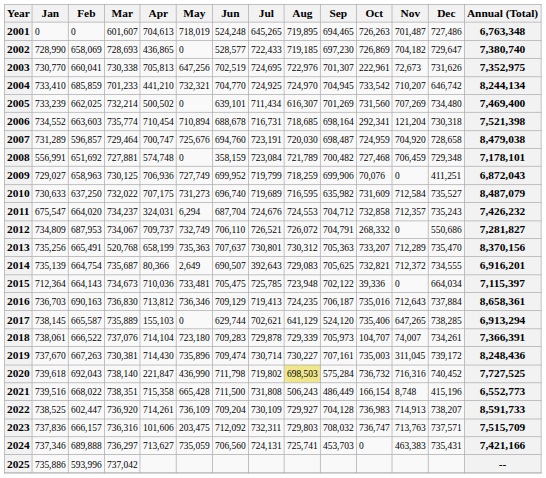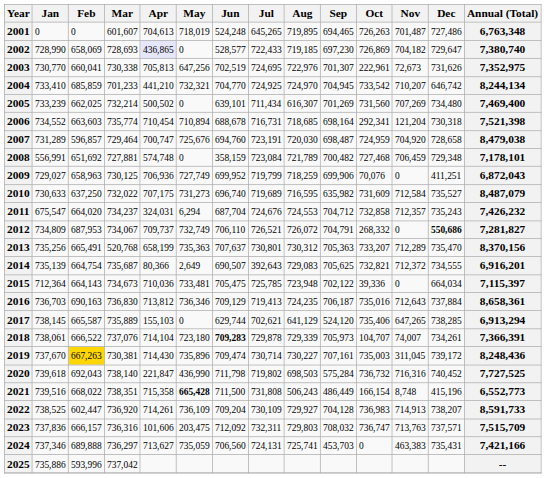 <table class="wikitable">
 <tr>
 <th>Year</th>
 <th>Jan</th>
 <th>Feb</th>
 <th>Mar</th>
 <th>Apr</th>
 <th>May</th>
 <th>Jun</th>
 <th>Jul</th>
 <th>Aug</th>
 <th>Sep</th>
 <th>Oct</th>
 <th>Nov</th>
 <th>Dec</th>
 <th>Annual (Total)</th>
 </tr>
 <tr>
 <th>2001</th>
 <td><small>0</small></td>
 <td><small>0</small></td>
 <td><small>601,607</small></td>
 <td><small>704,613</small></td>
 <td><small>718,019</small></td>
 <td><small>524,248</small></td>
 <td><small>645,265</small></td>
 <td><small>719,895</small></td>
 <td><small>694,465</small></td>
 <td><small>726,263</small></td>
 <td><small>701,487</small></td>
 <td><small>727,486</small></td>
 <th>6,763,348</th>
 </tr>
 <tr>
 <th>2002</th>
 <td><small>728,990</small></td>
 <td><small>658,069</small></td>
 <td><small>728,693</small></td>
-<td><small>436,865</small></td>
+<td style="background: lavender;"><small>436,865</small></td>
 <td><small>0</small></td>
 <td><small>528,577</small></td>
 <td><small>722,433</small></td>
 <td><small>719,185</small></td>
 <td><small>697,230</small></td>
 <td><small>726,869</small></td>
 <td><small>704,182</small></td>
 <td><small>729,647</small></td>
 <th>7,380,740</th>
 </tr>
 <tr>
 <th>2003</th>
 <td><small>730,770</small></td>
 <td><small>660,041</small></td>
 <td><small>730,338</small></td>
 <td><small>705,813</small></td>
 <td><small>647,256</small></td>
 <td><small>702,519</small></td>
 <td><small>724,695</small></td>
 <td><small>722,976</small></td>
 <td><small>701,307</small></td>
 <td><small>222,961</small></td>
 <td><small>72,673</small></td>
 <td><small>731,626</small></td>
 <th>7,352,975</th>
 </tr>
 <tr>
 <th>2004</th>
 <td><small>733,410</small></td>
 <td><small>685,859</small></td>
 <td><small>701,233</small></td>
 <td><small>441,210</small></td>
 <td><small>732,321</small></td>
 <td><small>704,770</small></td>
 <td><small>724,925</small></td>
 <td><small>724,970</small></td>
 <td><small>704,945</small></td>
 <td><small>733,542</small></td>
 <td><small>710,207</small></td>
 <td><small>646,742</small></td>
 <th>8,244,134</th>
 </tr>
 <tr>
 <th>2005</th>
 <td><small>733,239</small></td>
 <td><small>662,025</small></td>
 <td><small>732,214</small></td>
 <td><small>500,502</small></td>
 <td><small>0</small></td>
 <td><small>639,101</small></td>
 <td><small>711,434</small></td>
 <td><small>616,307</small></td>
 <td><small>701,269</small></td>
 <td><small>731,560</small></td>
 <td><small>707,269</small></td>
 <td><small>734,480</small></td>
 <th>7,469,400</th>
 </tr>
 <tr>
 <th>2006</th>
 <td><small>734,552</small></td>
 <td><small>663,603</small></td>
 <td><small>735,774</small></td>
 <td><small>710,454</small></td>
 <td><small>710,894</small></td>
 <td><small>688,678</small></td>
 <td><small>716,731</small></td>
 <td><small>718,685</small></td>
 <td><small>698,164</small></td>
 <td><small>292,341</small></td>
 <td><small>121,204</small></td>
 <td><small>730,318</small></td>
 <th>7,521,398</th>
 </tr>
 <tr>
 <th>2007</th>
 <td><small>731,289</small></td>
 <td><small>596,857</small></td>
 <td><small>729,464</small></td>
 <td><small>700,747</small></td>
 <td><small>725,676</small></td>
 <td><small>694,760</small></td>
 <td><small>723,191</small></td>
 <td><small>720,030</small></td>
 <td><small>698,487</small></td>
 <td><small>724,959</small></td>
 <td><small>704,920</small></td>
 <td><small>728,658</small></td>
 <th>8,479,038</th>
 </tr>
 <tr>
 <th>2008</th>
 <td><small>556,991</small></td>
 <td><small>651,692</small></td>
 <td><small>727,881</small></td>
 <td><small>574,748</small></td>
 <td><small>0</small></td>
 <td><small>358,159</small></td>
 <td><small>723,084</small></td>
 <td><small>721,789</small></td>
 <td><small>700,482</small></td>
 <td><small>727,468</small></td>
 <td><small>706,459</small></td>
 <td><small>729,348</small></td>
 <th>7,178,101</th>
 </tr>
 <tr>
 <th>2009</th>
 <td><small>729,027</small></td>
 <td><small>658,963</small></td>
 <td><small>730,125</small></td>
 <td><small>706,936</small></td>
 <td><small>727,749</small></td>
 <td><small>699,952</small></td>
 <td><small>719,799</small></td>
 <td><small>718,259</small></td>
 <td><small>699,906</small></td>
 <td><small>70,076</small></td>
 <td><small>0</small></td>
 <td><small>411,251</small></td>
 <th>6,872,043</th>
 </tr>
 <tr>
 <th>2010</th>
 <td><small>730,633</small></td>
 <td><small>637,250</small></td>
 <td><small>732,022</small></td>
 <td><small>707,175</small></td>
 <td><small>731,273</small></td>
 <td><small>696,740</small></td>
 <td><small>719,689</small></td>
 <td><small>716,595</small></td>
 <td><small>635,982</small></td>
 <td><small>731,609</small></td>
 <td><small>712,584</small></td>
 <td><small>735,527</small></td>
 <th>8,487,079</th>
 </tr>
 <tr>
 <th>2011</th>
 <td><small>675,547</small></td>
 <td><small>664,020</small></td>
 <td><small>734,237</small></td>
 <td><small>324,031</small></td>
 <td><small>6,294</small></td>
 <td><small>687,704</small></td>
 <td><small>724,676</small></td>
 <td><small>724,553</small></td>
 <td><small>704,712</small></td>
 <td><small>732,858</small></td>
 <td><small>712,357</small></td>
 <td><small>735,243</small></td>
 <th>7,426,232</th>
 </tr>
 <tr>
 <th>2012</th>
 <td><small>734,809</small></td>
 <td><small>687,953</small></td>
 <td><small>734,067</small></td>
 <td><small>709,737</small></td>
 <td><small>732,749</small></td>
 <td><small>706,110</small></td>
 <td><small>726,521</small></td>
 <td><small>726,072</small></td>
 <td><small>704,791</small></td>
 <td><small>268,332</small></td>
 <td><small>0</small></td>
-<td><small>550,686</small></td>
+<td><strong><small>550,686</small></strong></td>
 <th>7,281,827</th>
 </tr>
 <tr>
 <th>2013</th>
 <td><small>735,256</small></td>
 <td><small>665,491</small></td>
 <td><small>520,768</small></td>
 <td><small>658,199</small></td>
 <td><small>735,363</small></td>
 <td><small>707,637</small></td>
 <td><small>730,801</small></td>
 <td><small>730,312</small></td>
 <td><small>705,363</small></td>
 <td><small>733,207</small></td>
 <td><small>712,289</small></td>
 <td><small>735,470</small></td>
 <th>8,370,156</th>
 </tr>
 <tr>
 <th>2014</th>
 <td><small>735,139</small></td>
 <td><small>664,754</small></td>
 <td><small>735,687</small></td>
 <td><small>80,366</small></td>
 <td><small>2,649</small></td>
 <td><small>690,507</small></td>
 <td><small>392,643</small></td>
 <td><small>729,083</small></td>
 <td><small>705,625</small></td>
 <td><small>732,821</small></td>
 <td><small>712,372</small></td>
 <td><small>734,555</small></td>
 <th>6,916,201</th>
 </tr>
 <tr>
 <th>2015</th>
 <td><small>712,364</small></td>
 <td><small>664,143</small></td>
 <td><small>734,673</small></td>
 <td><small>710,036</small></td>
 <td><small>733,481</small></td>
 <td><small>705,475</small></td>
 <td><small>725,785</small></td>
 <td><small>723,948</small></td>
 <td><small>702,122</small></td>
 <td><small>39,336</small></td>
 <td><small>0</small></td>
 <td><small>664,034</small></td>
 <th>7,115,397</th>
 </tr>
 <tr>
 <th>2016</th>
 <td><small>736,703</small></td>
 <td><small>690,163</small></td>
 <td><small>736,830</small></td>
 <td><small>713,812</small></td>
 <td><small>736,346</small></td>
 <td><small>709,129</small></td>
 <td><small>719,413</small></td>
 <td><small>724,235</small></td>
 <td><small>706,187</small></td>
 <td><small>735,016</small></td>
 <td><small>712,643</small></td>
 <td><small>737,884</small></td>
 <th>8,658,361</th>
 </tr>
 <tr>
 <th>2017</th>
 <td><small>738,145</small></td>
 <td><small>665,587</small></td>
 <td><small>735,889</small></td>
 <td><small>155,103</small></td>
 <td><small>0</small></td>
 <td><small>629,744</small></td>
 <td><small>702,621</small></td>
 <td><small>641,129</small></td>
 <td><small>524,120</small></td>
 <td><small>735,406</small></td>
 <td><small>647,265</small></td>
 <td><small>738,285</small></td>
 <th>6,913,294</th>
 </tr>
 <tr>
 <th>2018</th>
 <td><small>738,061</small></td>
 <td><small>666,522</small></td>
 <td><small>737,076</small></td>
 <td><small>714,104</small></td>
 <td><small>723,180</small></td>
-<td><small>709,283</small></td>
+<td><strong><small>709,283</small></strong></td>
 <td><small>729,878</small></td>
 <td><small>729,339</small></td>
 <td><small>705,973</small></td>
 <td><small>104,707</small></td>
 <td><small>74,007</small></td>
 <td><small>734,261</small></td>
 <th>7,366,391</th>
 </tr>
 <tr>
 <th>2019</th>
 <td><small>737,670</small></td>
-<td><small>667,263</small></td>
+<td style="background: gold;"><small>667,263</small></td>
 <td><small>730,381</small></td>
 <td><small>714,430</small></td>
 <td><small>735,896</small></td>
 <td><small>709,474</small></td>
 <td><small>730,714</small></td>
 <td><small>730,227</small></td>
 <td><small>707,161</small></td>
 <td><small>735,003</small></td>
 <td><small>311,045</small></td>
 <td><small>739,172</small></td>
 <th>8,248,436</th>
 </tr>
 <tr>
 <th>2020</th>
 <td><small>739,618</small></td>
 <td><small>692,043</small></td>
 <td><small>738,140</small></td>
 <td><small>221,847</small></td>
 <td><small>436,990</small></td>
 <td><small>711,798</small></td>
 <td><small>719,802</small></td>
-<td style="background: khaki;"><small>698,503</small></td>
+<td><small>698,503</small></td>
 <td><small>575,284</small></td>
 <td><small>736,732</small></td>
 <td><small>716,316</small></td>
 <td><small>740,452</small></td>
 <th>7,727,525</th>
 </tr>
 <tr>
 <th>2021</th>
 <td><small>739,516</small></td>
 <td><small>668,022</small></td>
 <td><small>738,351</small></td>
 <td><small>715,358</small></td>
-<td><small>665,428</small></td>
+<td><strong><small>665,428</small></strong></td>
 <td><small>711,500</small></td>
 <td><small>731,808</small></td>
 <td><small>506,243</small></td>
 <td><small>486,449</small></td>
 <td><small>166,154</small></td>
 <td><small>8,748</small></td>
 <td><small>415,196</small></td>
 <th>6,552,773</th>
 </tr>
 <tr>
 <th>2022</th>
 <td><small>738,525</small></td>
 <td><small>602,447</small></td>
 <td><small>736,920</small></td>
 <td><small>714,261</small></td>
 <td><small>736,109</small></td>
 <td><small>709,204</small></td>
 <td><small>730,109</small></td>
 <td><small>729,927</small></td>
 <td><small>704,128</small></td>
 <td><small>736,983</small></td>
 <td><small>714,913</small></td>
 <td><small>738,207</small></td>
 <th>8,591,733</th>
 </tr>
 <tr>
 <th>2023</th>
 <td><small>737,836</small></td>
 <td><small>666,157</small></td>
 <td><small>736,316</small></td>
 <td><small>101,606</small></td>
 <td><small>203,475</small></td>
 <td><small>712,092</small></td>
 <td><small>732,311</small></td>
 <td><small>729,803</small></td>
 <td><small>708,032</small></td>
 <td><small>736,747</small></td>
 <td><small>713,763</small></td>
 <td><small>737,571</small></td>
 <th>7,515,709</th>
 </tr>
 <tr>
 <th>2024</th>
 <td><small>737,346</small></td>
 <td><small>689,888</small></td>
 <td><small>736,297</small></td>
 <td><small>713,627</small></td>
 <td><small>735,059</small></td>
 <td><small>706,560</small></td>
 <td><small>724,131</small></td>
 <td><small>725,741</small></td>
 <td><small>453,703</small></td>
 <td><small>0</small></td>
 <td><small>463,383</small></td>
 <td><small>735,431</small></td>
 <th>7,421,166</th>
 </tr>
 <tr>
 <th>2025</th>
 <td><small>735,886</small></td>
 <td><small>593,996</small></td>
 <td><small>737,042</small></td>
 <td><small></small></td>
 <td><small></small></td>
 <td><small></small></td>
 <td><small></small></td>
 <td><small></small></td>
 <td><small></small></td>
 <td><small></small></td>
 <td><small></small></td>
 <td><small></small></td>
 <th>--</th>
 </tr>
 <tr>
 </tr>
 </table>
